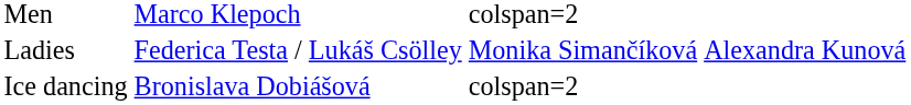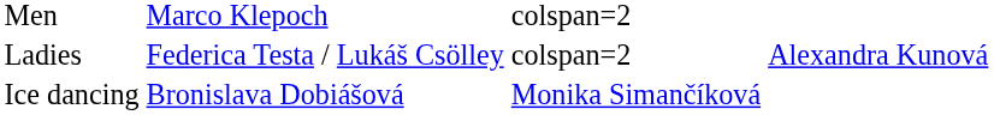 <table>
 <tr>
 <td>Men</td>
 <td><a href='#'>Marco Klepoch</a></td>
 <td>colspan=2 </td>
 </tr>
 <tr>
 <td>Ladies</td>
 <td><a href='#'>Federica Testa</a> / <a href='#'>Lukáš Csölley</a></td>
-<td><a href='#'>Monika Simančíková</a></td>
+<td>colspan=2 </td>
 <td><a href='#'>Alexandra Kunová</a></td>
 </tr>
 <tr>
 <td>Ice dancing</td>
 <td><a href='#'>Bronislava Dobiášová</a></td>
-<td>colspan=2 </td>
+<td><a href='#'>Monika Simančíková</a></td>
 </tr>
 </table>
